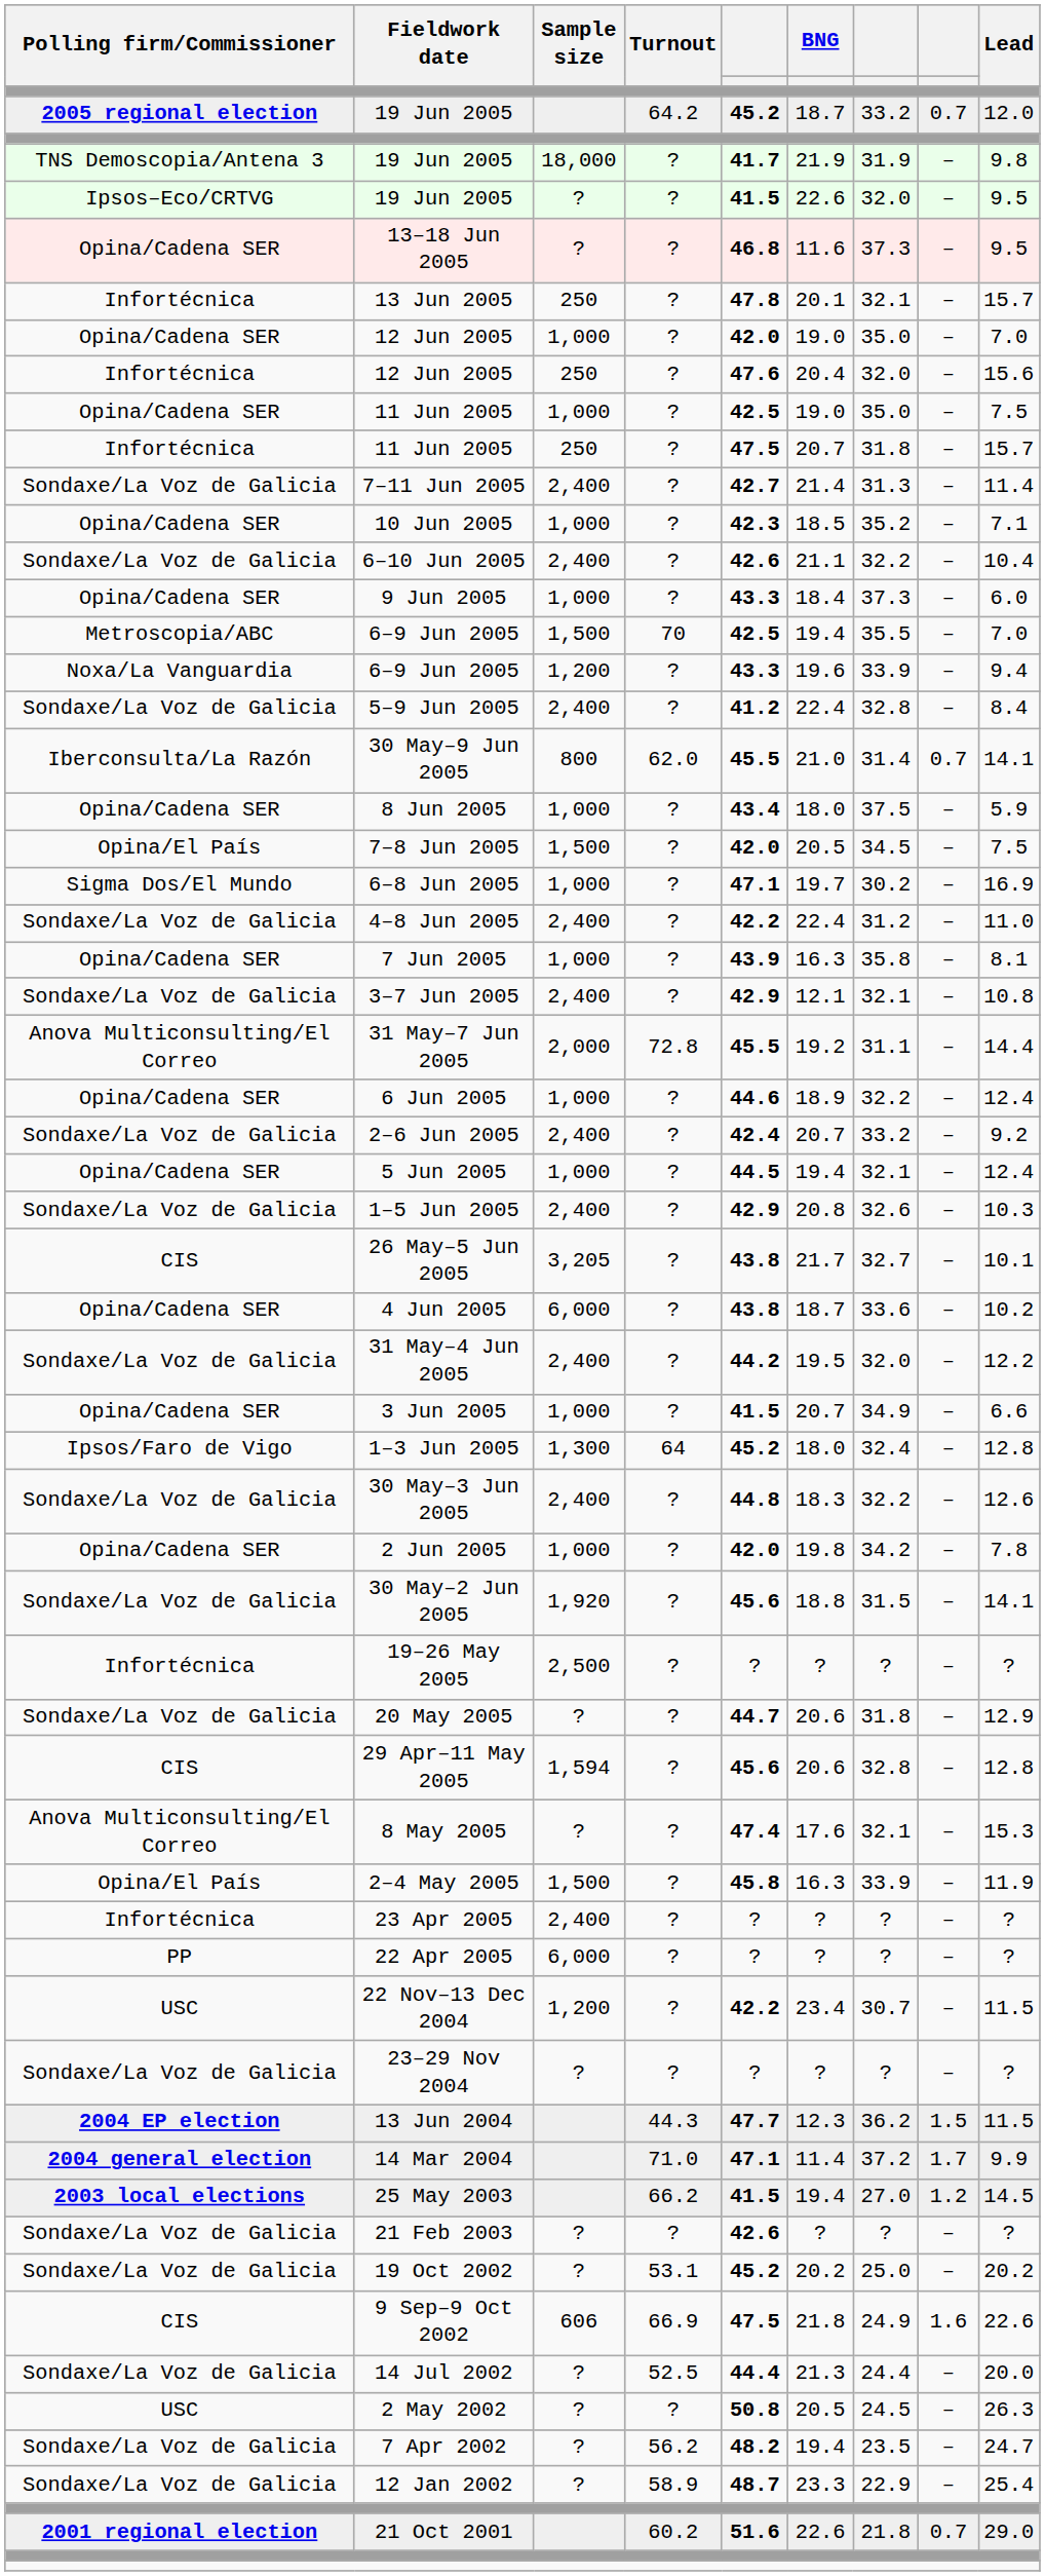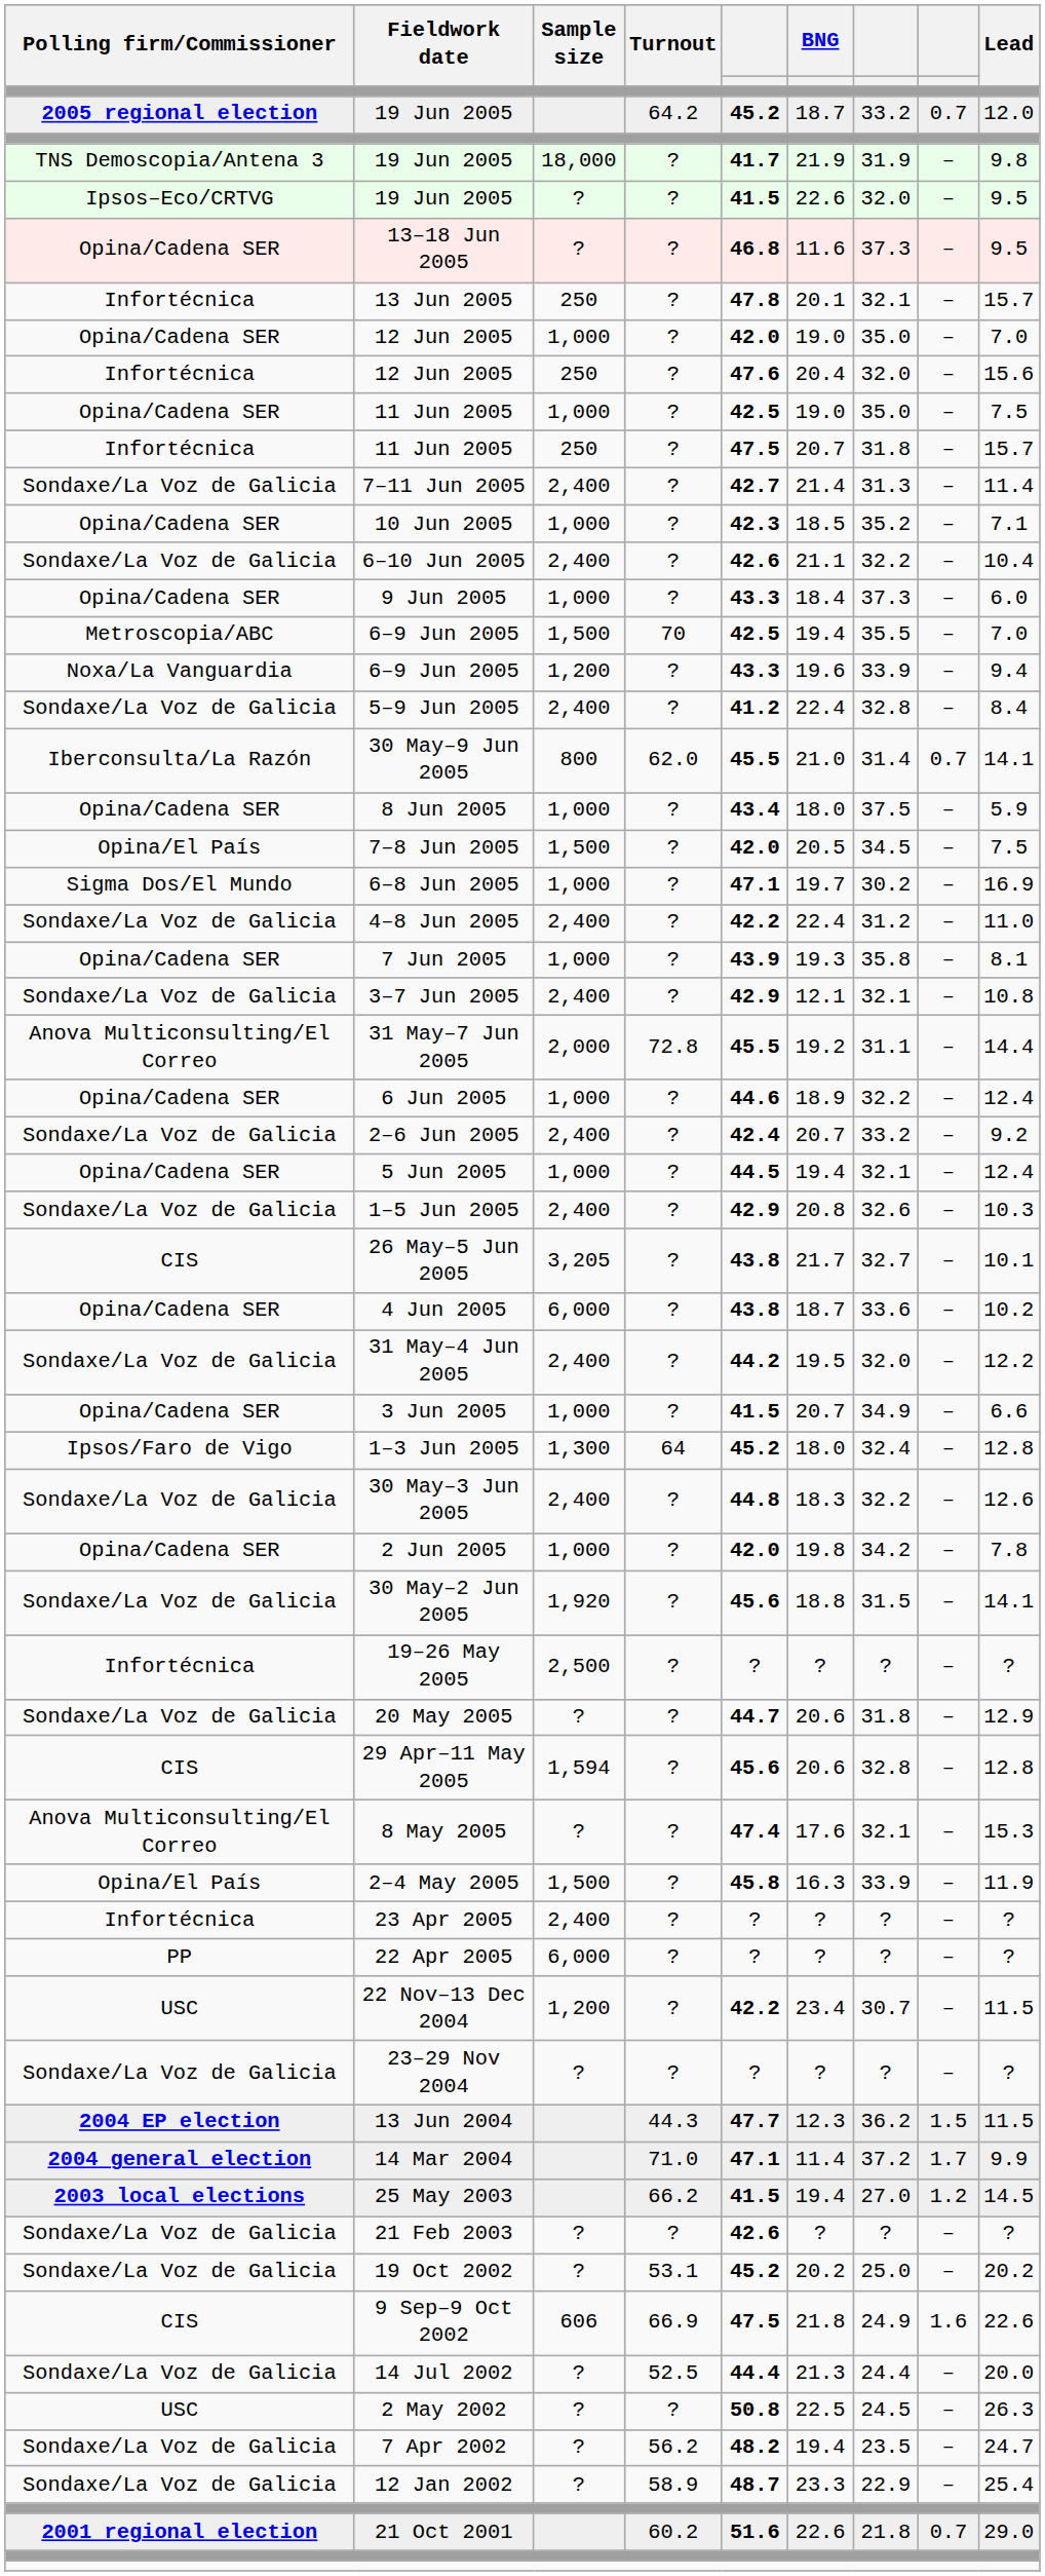 <table class="wikitable collapsible collapsed" style="text-align:center; font-size:95%; line-height:16px;">
 <tr style="height:42px;">
 <th style="width:250px;" rowspan="2">Polling firm/Commissioner</th>
 <th style="width:125px;" rowspan="2">Fieldwork date</th>
 <th style="width:50px;" rowspan="2">Sample size</th>
 <th style="width:45px;" rowspan="2">Turnout</th>
 <th style="width:35px;"></th>
 <th style="width:35px;"><a href='#'>BNG</a></th>
 <th style="width:35px;"></th>
 <th style="width:35px;"></th>
 <th style="width:30px;" rowspan="2">Lead</th>
 </tr>
 <tr>
 <th style="color:inherit;background:"></th>
 <th style="color:inherit;background:"></th>
 <th style="color:inherit;background:"></th>
 <th style="color:inherit;background:"></th>
 </tr>
 <tr>
 <td colspan="9" style="background:#A0A0A0"></td>
 </tr>
 <tr style="background:#EFEFEF;">
 <td><strong><a href='#'>2005 regional election</a></strong></td>
 <td>19 Jun 2005</td>
 <td></td>
 <td>64.2</td>
 <td><strong>45.2</strong><br></td>
 <td>18.7<br></td>
 <td>33.2<br></td>
 <td>0.7<br></td>
 <td style="background:">12.0</td>
 </tr>
 <tr>
 <td colspan="9" style="background:#A0A0A0"></td>
 </tr>
 <tr style="background:#EAFFEA;">
 <td>TNS Demoscopia/Antena 3</td>
 <td>19 Jun 2005</td>
 <td>18,000</td>
 <td>?</td>
 <td><strong>41.7</strong><br></td>
 <td>21.9<br></td>
 <td>31.9<br></td>
 <td>–</td>
 <td style="background:">9.8</td>
 </tr>
 <tr style="background:#EAFFEA;">
 <td>Ipsos–Eco/CRTVG</td>
 <td>19 Jun 2005</td>
 <td>?</td>
 <td>?</td>
 <td><strong>41.5</strong><br></td>
 <td>22.6<br></td>
 <td>32.0<br></td>
 <td>–</td>
 <td style="background:">9.5</td>
 </tr>
 <tr style="background:#FFEAEA;">
 <td>Opina/Cadena SER</td>
 <td>13–18 Jun 2005</td>
 <td>?</td>
 <td>?</td>
 <td><strong>46.8</strong><br></td>
 <td>11.6<br></td>
 <td>37.3<br></td>
 <td>–</td>
 <td style="background:">9.5</td>
 </tr>
 <tr>
 <td>Infortécnica</td>
 <td>13 Jun 2005</td>
 <td>250</td>
 <td>?</td>
 <td><strong>47.8</strong><br></td>
 <td>20.1<br></td>
 <td>32.1<br></td>
 <td>–</td>
 <td style="background:">15.7</td>
 </tr>
 <tr>
 <td>Opina/Cadena SER</td>
 <td>12 Jun 2005</td>
 <td>1,000</td>
 <td>?</td>
 <td><strong>42.0</strong><br></td>
 <td>19.0<br></td>
 <td>35.0<br></td>
 <td>–</td>
 <td style="background:">7.0</td>
 </tr>
 <tr>
 <td>Infortécnica</td>
 <td>12 Jun 2005</td>
 <td>250</td>
 <td>?</td>
 <td><strong>47.6</strong><br></td>
 <td>20.4<br></td>
 <td>32.0<br></td>
 <td>–</td>
 <td style="background:">15.6</td>
 </tr>
 <tr>
 <td>Opina/Cadena SER</td>
 <td>11 Jun 2005</td>
 <td>1,000</td>
 <td>?</td>
 <td><strong>42.5</strong><br></td>
 <td>19.0<br></td>
 <td>35.0<br></td>
 <td>–</td>
 <td style="background:">7.5</td>
 </tr>
 <tr>
 <td>Infortécnica</td>
 <td>11 Jun 2005</td>
 <td>250</td>
 <td>?</td>
 <td><strong>47.5</strong><br></td>
 <td>20.7<br></td>
 <td>31.8<br></td>
 <td>–</td>
 <td style="background:">15.7</td>
 </tr>
 <tr>
 <td>Sondaxe/La Voz de Galicia</td>
 <td>7–11 Jun 2005</td>
 <td>2,400</td>
 <td>?</td>
 <td><strong>42.7</strong><br></td>
 <td>21.4<br></td>
 <td>31.3<br></td>
 <td>–</td>
 <td style="background:">11.4</td>
 </tr>
 <tr>
 <td>Opina/Cadena SER</td>
 <td>10 Jun 2005</td>
 <td>1,000</td>
 <td>?</td>
 <td><strong>42.3</strong><br></td>
 <td>18.5<br></td>
 <td>35.2<br></td>
 <td>–</td>
 <td style="background:">7.1</td>
 </tr>
 <tr>
 <td>Sondaxe/La Voz de Galicia</td>
 <td>6–10 Jun 2005</td>
 <td>2,400</td>
 <td>?</td>
 <td><strong>42.6</strong><br></td>
 <td>21.1<br></td>
 <td>32.2<br></td>
 <td>–</td>
 <td style="background:">10.4</td>
 </tr>
 <tr>
 <td>Opina/Cadena SER</td>
 <td>9 Jun 2005</td>
 <td>1,000</td>
 <td>?</td>
 <td><strong>43.3</strong><br></td>
 <td>18.4<br></td>
 <td>37.3<br></td>
 <td>–</td>
 <td style="background:">6.0</td>
 </tr>
 <tr>
 <td>Metroscopia/ABC</td>
 <td>6–9 Jun 2005</td>
 <td>1,500</td>
 <td>70</td>
 <td><strong>42.5</strong><br></td>
 <td>19.4<br></td>
 <td>35.5<br></td>
 <td>–</td>
 <td style="background:">7.0</td>
 </tr>
 <tr>
 <td>Noxa/La Vanguardia</td>
 <td>6–9 Jun 2005</td>
 <td>1,200</td>
 <td>?</td>
 <td><strong>43.3</strong><br></td>
 <td>19.6<br></td>
 <td>33.9<br></td>
 <td>–</td>
 <td style="background:">9.4</td>
 </tr>
 <tr>
 <td>Sondaxe/La Voz de Galicia</td>
 <td>5–9 Jun 2005</td>
 <td>2,400</td>
 <td>?</td>
 <td><strong>41.2</strong><br></td>
 <td>22.4<br></td>
 <td>32.8<br></td>
 <td>–</td>
 <td style="background:">8.4</td>
 </tr>
 <tr>
 <td>Iberconsulta/La Razón</td>
 <td>30 May–9 Jun 2005</td>
 <td>800</td>
 <td>62.0</td>
 <td><strong>45.5</strong><br></td>
 <td>21.0<br></td>
 <td>31.4<br></td>
 <td>0.7<br></td>
 <td style="background:">14.1</td>
 </tr>
 <tr>
 <td>Opina/Cadena SER</td>
 <td>8 Jun 2005</td>
 <td>1,000</td>
 <td>?</td>
 <td><strong>43.4</strong><br></td>
 <td>18.0<br></td>
 <td>37.5<br></td>
 <td>–</td>
 <td style="background:">5.9</td>
 </tr>
 <tr>
 <td>Opina/El País</td>
 <td>7–8 Jun 2005</td>
 <td>1,500</td>
 <td>?</td>
 <td><strong>42.0</strong><br></td>
 <td>20.5<br></td>
 <td>34.5<br></td>
 <td>–</td>
 <td style="background:">7.5</td>
 </tr>
 <tr>
 <td>Sigma Dos/El Mundo</td>
 <td>6–8 Jun 2005</td>
 <td>1,000</td>
 <td>?</td>
 <td><strong>47.1</strong><br></td>
 <td>19.7<br></td>
 <td>30.2<br></td>
 <td>–</td>
 <td style="background:">16.9</td>
 </tr>
 <tr>
 <td>Sondaxe/La Voz de Galicia</td>
 <td>4–8 Jun 2005</td>
 <td>2,400</td>
 <td>?</td>
 <td><strong>42.2</strong><br></td>
 <td>22.4<br></td>
 <td>31.2<br></td>
 <td>–</td>
 <td style="background:">11.0</td>
 </tr>
 <tr>
 <td>Opina/Cadena SER</td>
 <td>7 Jun 2005</td>
 <td>1,000</td>
 <td>?</td>
 <td><strong>43.9</strong><br></td>
-<td>16.3<br></td>
+<td>19.3<br></td>
 <td>35.8<br></td>
 <td>–</td>
 <td style="background:">8.1</td>
 </tr>
 <tr>
 <td>Sondaxe/La Voz de Galicia</td>
 <td>3–7 Jun 2005</td>
 <td>2,400</td>
 <td>?</td>
 <td><strong>42.9</strong><br></td>
 <td>12.1<br></td>
 <td>32.1<br></td>
 <td>–</td>
 <td style="background:">10.8</td>
 </tr>
 <tr>
 <td>Anova Multiconsulting/El Correo</td>
 <td>31 May–7 Jun 2005</td>
 <td>2,000</td>
 <td>72.8</td>
 <td><strong>45.5</strong><br></td>
 <td>19.2<br></td>
 <td>31.1<br></td>
 <td>–</td>
 <td style="background:">14.4</td>
 </tr>
 <tr>
 <td>Opina/Cadena SER</td>
 <td>6 Jun 2005</td>
 <td>1,000</td>
 <td>?</td>
 <td><strong>44.6</strong><br></td>
 <td>18.9<br></td>
 <td>32.2<br></td>
 <td>–</td>
 <td style="background:">12.4</td>
 </tr>
 <tr>
 <td>Sondaxe/La Voz de Galicia</td>
 <td>2–6 Jun 2005</td>
 <td>2,400</td>
 <td>?</td>
 <td><strong>42.4</strong><br></td>
 <td>20.7<br></td>
 <td>33.2<br></td>
 <td>–</td>
 <td style="background:">9.2</td>
 </tr>
 <tr>
 <td>Opina/Cadena SER</td>
 <td>5 Jun 2005</td>
 <td>1,000</td>
 <td>?</td>
 <td><strong>44.5</strong><br></td>
 <td>19.4<br></td>
 <td>32.1<br></td>
 <td>–</td>
 <td style="background:">12.4</td>
 </tr>
 <tr>
 <td>Sondaxe/La Voz de Galicia</td>
 <td>1–5 Jun 2005</td>
 <td>2,400</td>
 <td>?</td>
 <td><strong>42.9</strong><br></td>
 <td>20.8<br></td>
 <td>32.6<br></td>
 <td>–</td>
 <td style="background:">10.3</td>
 </tr>
 <tr>
 <td>CIS</td>
 <td>26 May–5 Jun 2005</td>
 <td>3,205</td>
 <td>?</td>
 <td><strong>43.8</strong><br></td>
 <td>21.7<br></td>
 <td>32.7<br></td>
 <td>–</td>
 <td style="background:">10.1</td>
 </tr>
 <tr>
 <td>Opina/Cadena SER</td>
 <td>4 Jun 2005</td>
 <td>6,000</td>
 <td>?</td>
 <td><strong>43.8</strong><br></td>
 <td>18.7<br></td>
 <td>33.6<br></td>
 <td>–</td>
 <td style="background:">10.2</td>
 </tr>
 <tr>
 <td>Sondaxe/La Voz de Galicia</td>
 <td>31 May–4 Jun 2005</td>
 <td>2,400</td>
 <td>?</td>
 <td><strong>44.2</strong><br></td>
 <td>19.5<br></td>
 <td>32.0<br></td>
 <td>–</td>
 <td style="background:">12.2</td>
 </tr>
 <tr>
 <td>Opina/Cadena SER</td>
 <td>3 Jun 2005</td>
 <td>1,000</td>
 <td>?</td>
 <td><strong>41.5</strong><br></td>
 <td>20.7<br></td>
 <td>34.9<br></td>
 <td>–</td>
 <td style="background:">6.6</td>
 </tr>
 <tr>
 <td>Ipsos/Faro de Vigo</td>
 <td>1–3 Jun 2005</td>
 <td>1,300</td>
 <td>64</td>
 <td><strong>45.2</strong><br></td>
 <td>18.0<br></td>
 <td>32.4<br></td>
 <td>–</td>
 <td style="background:">12.8</td>
 </tr>
 <tr>
 <td>Sondaxe/La Voz de Galicia</td>
 <td>30 May–3 Jun 2005</td>
 <td>2,400</td>
 <td>?</td>
 <td><strong>44.8</strong><br></td>
 <td>18.3<br></td>
 <td>32.2<br></td>
 <td>–</td>
 <td style="background:">12.6</td>
 </tr>
 <tr>
 <td>Opina/Cadena SER</td>
 <td>2 Jun 2005</td>
 <td>1,000</td>
 <td>?</td>
 <td><strong>42.0</strong><br></td>
 <td>19.8<br></td>
 <td>34.2<br></td>
 <td>–</td>
 <td style="background:">7.8</td>
 </tr>
 <tr>
 <td>Sondaxe/La Voz de Galicia</td>
 <td>30 May–2 Jun 2005</td>
 <td>1,920</td>
 <td>?</td>
 <td><strong>45.6</strong><br></td>
 <td>18.8<br></td>
 <td>31.5<br></td>
 <td>–</td>
 <td style="background:">14.1</td>
 </tr>
 <tr>
 <td>Infortécnica</td>
 <td>19–26 May 2005</td>
 <td>2,500</td>
 <td>?</td>
 <td>?<br></td>
 <td>?<br></td>
 <td>?<br></td>
 <td>–</td>
 <td style="background:">?</td>
 </tr>
 <tr>
 <td>Sondaxe/La Voz de Galicia</td>
 <td>20 May 2005</td>
 <td>?</td>
 <td>?</td>
 <td><strong>44.7</strong><br></td>
 <td>20.6<br></td>
 <td>31.8<br></td>
 <td>–</td>
 <td style="background:">12.9</td>
 </tr>
 <tr>
 <td>CIS</td>
 <td>29 Apr–11 May 2005</td>
 <td>1,594</td>
 <td>?</td>
 <td><strong>45.6</strong><br></td>
 <td>20.6<br></td>
 <td>32.8<br></td>
 <td>–</td>
 <td style="background:">12.8</td>
 </tr>
 <tr>
 <td>Anova Multiconsulting/El Correo</td>
 <td>8 May 2005</td>
 <td>?</td>
 <td>?</td>
 <td><strong>47.4</strong><br></td>
 <td>17.6<br></td>
 <td>32.1<br></td>
 <td>–</td>
 <td style="background:">15.3</td>
 </tr>
 <tr>
 <td>Opina/El País</td>
 <td>2–4 May 2005</td>
 <td>1,500</td>
 <td>?</td>
 <td><strong>45.8</strong><br></td>
 <td>16.3<br></td>
 <td>33.9<br></td>
 <td>–</td>
 <td style="background:">11.9</td>
 </tr>
 <tr>
 <td>Infortécnica</td>
 <td>23 Apr 2005</td>
 <td>2,400</td>
 <td>?</td>
 <td>?<br></td>
 <td>?<br></td>
 <td>?<br></td>
 <td>–</td>
 <td style="background:">?</td>
 </tr>
 <tr>
 <td>PP</td>
 <td>22 Apr 2005</td>
 <td>6,000</td>
 <td>?</td>
 <td>?<br></td>
 <td>?<br></td>
 <td>?<br></td>
 <td>–</td>
 <td style="background:">?</td>
 </tr>
 <tr>
 <td>USC</td>
 <td>22 Nov–13 Dec 2004</td>
 <td>1,200</td>
 <td>?</td>
 <td><strong>42.2</strong><br></td>
 <td>23.4<br></td>
 <td>30.7<br></td>
 <td>–</td>
 <td style="background:">11.5</td>
 </tr>
 <tr>
 <td>Sondaxe/La Voz de Galicia</td>
 <td>23–29 Nov 2004</td>
 <td>?</td>
 <td>?</td>
 <td>?<br></td>
 <td>?<br></td>
 <td>?<br></td>
 <td>–</td>
 <td style="background:">?</td>
 </tr>
 <tr style="background:#EFEFEF;">
 <td><strong><a href='#'>2004 EP election</a></strong></td>
 <td>13 Jun 2004</td>
 <td></td>
 <td>44.3</td>
 <td><strong>47.7</strong><br></td>
 <td>12.3<br></td>
 <td>36.2<br></td>
 <td>1.5<br></td>
 <td style="background:">11.5</td>
 </tr>
 <tr style="background:#EFEFEF;">
 <td><strong><a href='#'>2004 general election</a></strong></td>
 <td>14 Mar 2004</td>
 <td></td>
 <td>71.0</td>
 <td><strong>47.1</strong><br></td>
 <td>11.4<br></td>
 <td>37.2<br></td>
 <td>1.7<br></td>
 <td style="background:">9.9</td>
 </tr>
 <tr style="background:#EFEFEF;">
 <td><strong><a href='#'>2003 local elections</a></strong></td>
 <td>25 May 2003</td>
 <td></td>
 <td>66.2</td>
 <td><strong>41.5</strong></td>
 <td>19.4</td>
 <td>27.0</td>
 <td>1.2</td>
 <td style="background:">14.5</td>
 </tr>
 <tr>
 <td>Sondaxe/La Voz de Galicia</td>
 <td>21 Feb 2003</td>
 <td>?</td>
 <td>?</td>
 <td><strong>42.6</strong><br></td>
 <td>?<br></td>
 <td>?<br></td>
 <td>–</td>
 <td style="background:">?</td>
 </tr>
 <tr>
 <td>Sondaxe/La Voz de Galicia</td>
 <td>19 Oct 2002</td>
 <td>?</td>
 <td>53.1</td>
 <td><strong>45.2</strong></td>
 <td>20.2</td>
 <td>25.0</td>
 <td>–</td>
 <td style="background:">20.2</td>
 </tr>
 <tr>
 <td>CIS</td>
 <td>9 Sep–9 Oct 2002</td>
 <td>606</td>
 <td>66.9</td>
 <td><strong>47.5</strong></td>
 <td>21.8</td>
 <td>24.9</td>
 <td>1.6</td>
 <td style="background:">22.6</td>
 </tr>
 <tr>
 <td>Sondaxe/La Voz de Galicia</td>
 <td>14 Jul 2002</td>
 <td>?</td>
 <td>52.5</td>
 <td><strong>44.4</strong></td>
 <td>21.3</td>
 <td>24.4</td>
 <td>–</td>
 <td style="background:">20.0</td>
 </tr>
 <tr>
 <td>USC</td>
 <td>2 May 2002</td>
 <td>?</td>
 <td>?</td>
 <td><strong>50.8</strong><br></td>
-<td>20.5<br></td>
+<td>22.5<br></td>
 <td>24.5<br></td>
 <td>–</td>
 <td style="background:">26.3</td>
 </tr>
 <tr>
 <td>Sondaxe/La Voz de Galicia</td>
 <td>7 Apr 2002</td>
 <td>?</td>
 <td>56.2</td>
 <td><strong>48.2</strong></td>
 <td>19.4</td>
 <td>23.5</td>
 <td>–</td>
 <td style="background:">24.7</td>
 </tr>
 <tr>
 <td>Sondaxe/La Voz de Galicia</td>
 <td>12 Jan 2002</td>
 <td>?</td>
 <td>58.9</td>
 <td><strong>48.7</strong></td>
 <td>23.3</td>
 <td>22.9</td>
 <td>–</td>
 <td style="background:">25.4</td>
 </tr>
 <tr>
 <td colspan="9" style="background:#A0A0A0"></td>
 </tr>
 <tr style="background:#EFEFEF;">
 <td><strong><a href='#'>2001 regional election</a></strong></td>
 <td>21 Oct 2001</td>
 <td></td>
 <td>60.2</td>
 <td><strong>51.6</strong><br></td>
 <td>22.6<br></td>
 <td>21.8<br></td>
 <td>0.7<br></td>
 <td style="background:">29.0</td>
 </tr>
 <tr>
 <td colspan="9" style="background:#A0A0A0"></td>
 </tr>
 <tr>
 <td colspan="9"></td>
 </tr>
 </table>
